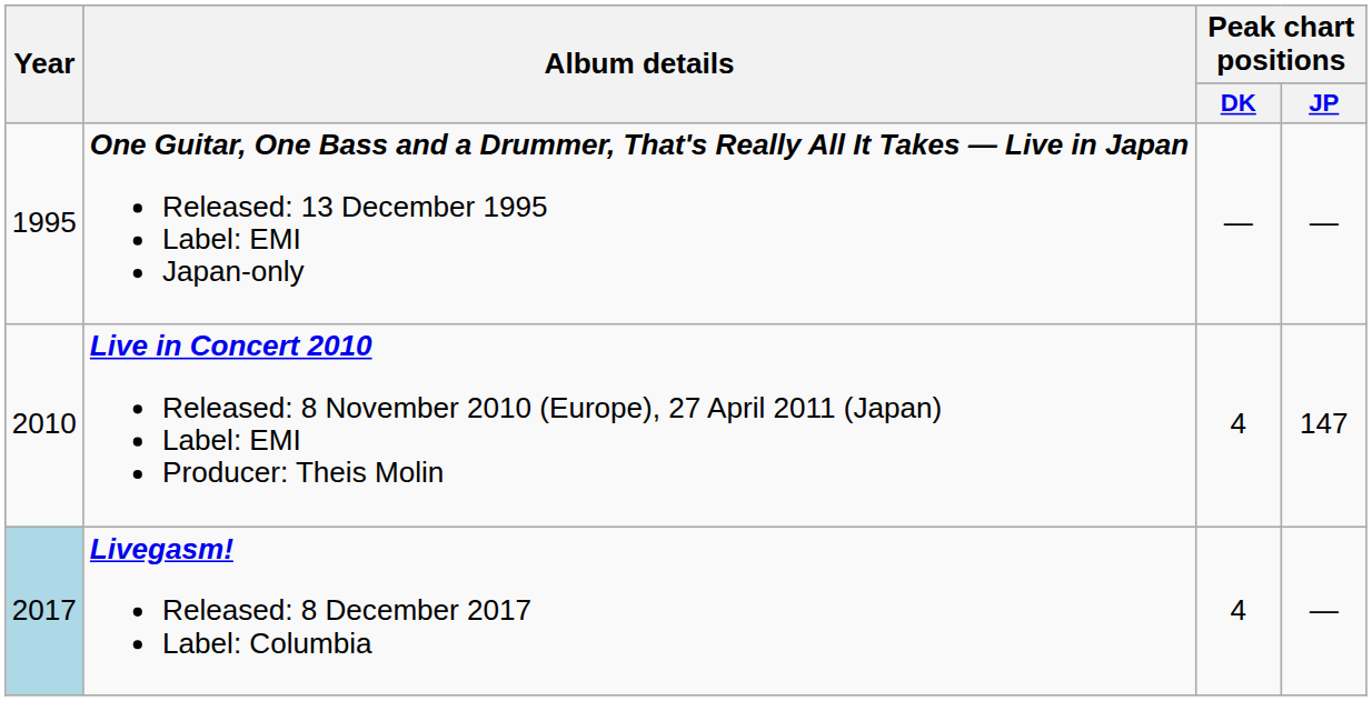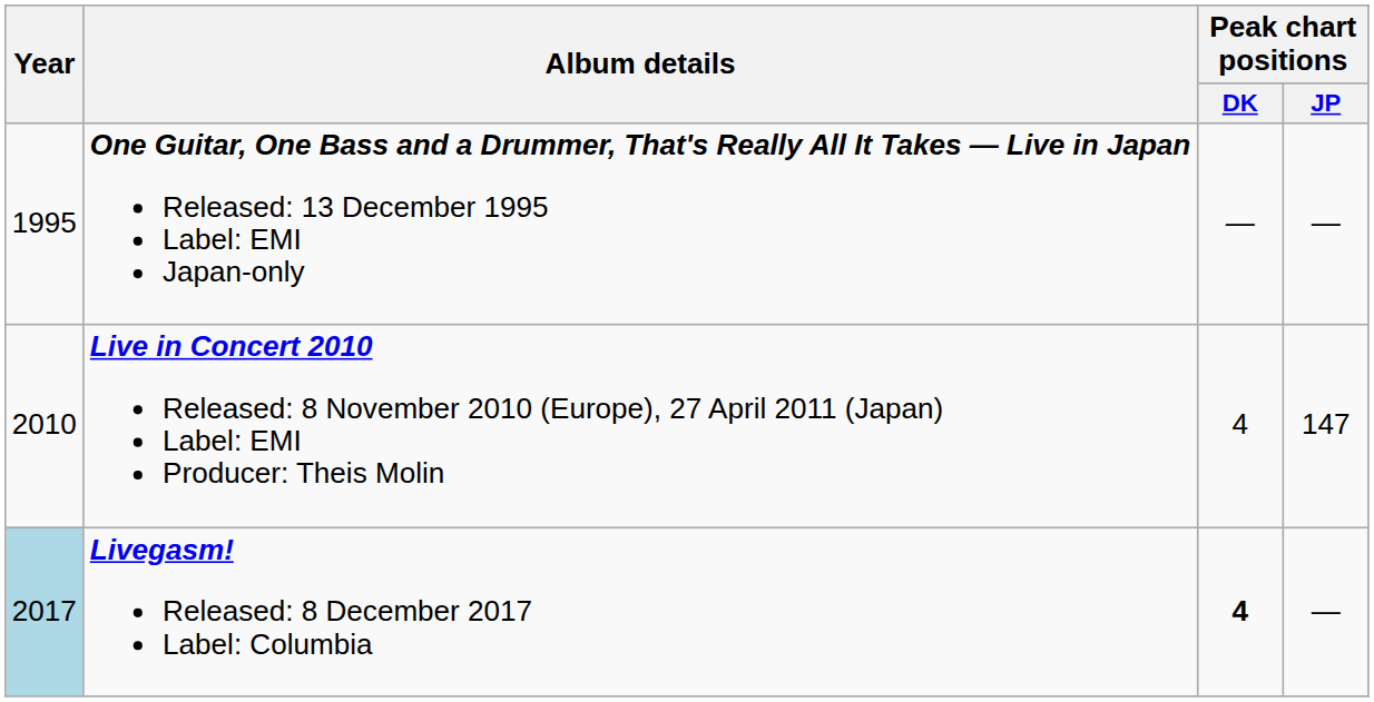 <table class="wikitable">
 <tr>
 <th rowspan="2">Year</th>
 <th rowspan="2">Album details</th>
 <th colspan="2">Peak chart positions</th>
 </tr>
 <tr>
 <th style="width:3em;font-size:85%"><a href='#'>DK</a><br></th>
 <th style="width:3em;font-size:85%"><a href='#'>JP</a><br></th>
 </tr>
 <tr>
 <td>1995</td>
 <td><strong><em>One Guitar, One Bass and a Drummer, That's Really All It Takes — Live in Japan</em></strong><br><ul><li>Released: 13 December 1995</li><li>Label: EMI</li><li>Japan-only</li></ul></td>
 <td align="center">—</td>
 <td align="center">—</td>
 </tr>
 <tr>
 <td>2010</td>
 <td><strong><em><a href='#'>Live in Concert 2010</a></em></strong><br><ul><li>Released: 8 November 2010 (Europe), 27 April 2011 (Japan)</li><li>Label: EMI</li><li>Producer: Theis Molin</li></ul></td>
 <td align="center">4</td>
 <td align="center">147</td>
 </tr>
 <tr>
 <td style="background: lightblue;">2017</td>
 <td><strong><em><a href='#'>Livegasm!</a></em></strong><br><ul><li>Released: 8 December 2017</li><li>Label: Columbia</li></ul></td>
-<td align="center">4<br></td>
+<td align="center"><strong>4<br></strong></td>
 <td align="center">—</td>
 </tr>
 </table>
